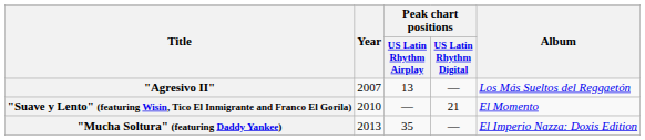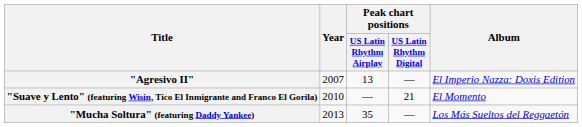 <table class="wikitable plainrowheaders">
 <tr>
 <th rowspan="2">Title</th>
 <th rowspan="2">Year</th>
 <th colspan="2">Peak chart positions</th>
 <th rowspan="2">Album</th>
 </tr>
 <tr style="font-size:smaller;">
 <th width="55"><a href='#'>US Latin Rhythm Airplay</a><br></th>
 <th width="55"><a href='#'>US Latin Rhythm Digital</a><br></th>
 </tr>
 <tr>
 <th scope="row">"Agresivo II"</th>
 <td>2007</td>
 <td align="center">13</td>
 <td align="center">—</td>
-<td><em><a href='#'>Los Más Sueltos del Reggaetón</a></em></td>
+<td><em><a href='#'>El Imperio Nazza: Doxis Edition</a></em></td>
 </tr>
 <tr>
 <th scope="row">"Suave y Lento" <small>(featuring <a href='#'>Wisin</a>, Tico El Inmigrante and Franco El Gorila)</small></th>
 <td>2010</td>
 <td align="center">—</td>
 <td align="center">21</td>
 <td><em><a href='#'>El Momento</a></em></td>
 </tr>
 <tr>
 <th scope="row">"Mucha Soltura" <small>(featuring <a href='#'>Daddy Yankee</a>)</small></th>
 <td>2013</td>
 <td align="center">35</td>
 <td align="center">—</td>
-<td><em><a href='#'>El Imperio Nazza: Doxis Edition</a></em></td>
+<td><em><a href='#'>Los Más Sueltos del Reggaetón</a></em></td>
 </tr>
 </table>
